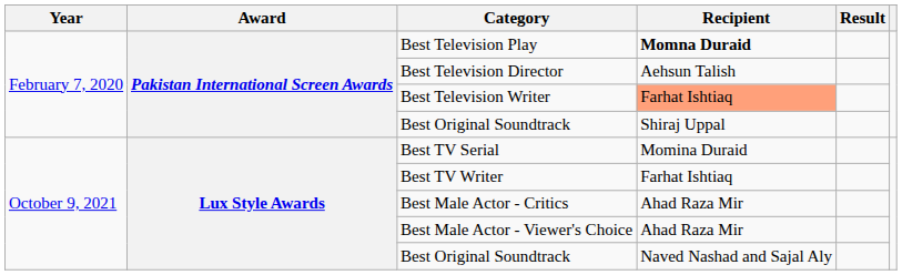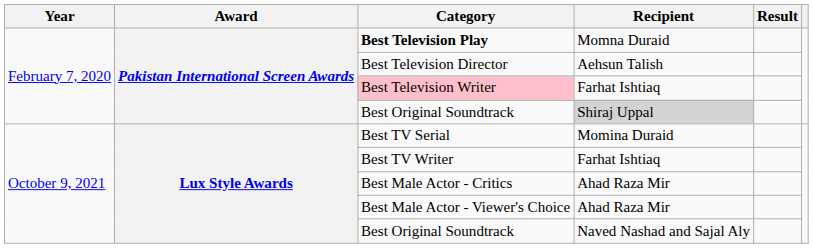 <table class="wikitable sortable plainrowheaders">
 <tr>
 <th>Year</th>
 <th>Award</th>
 <th>Category</th>
 <th>Recipient</th>
 <th>Result</th>
 <th></th>
 </tr>
 <tr>
 <td rowspan="4"><a href='#'>February 7, 2020</a></td>
 <th scope="row" rowspan="4" style="text-align:center;"><em><a href='#'>Pakistan International Screen Awards</a></em></th>
-<td>Best Television Play</td>
-<td><strong>Momna Duraid</strong></td>
+<td><strong>Best Television Play</strong></td>
+<td>Momna Duraid</td>
 <td></td>
 <td rowspan="4"></td>
 </tr>
 <tr>
 <td>Best Television Director</td>
 <td>Aehsun Talish</td>
 <td></td>
 </tr>
 <tr>
-<td>Best Television Writer</td>
-<td style="background: lightsalmon;">Farhat Ishtiaq</td>
+<td style="background: pink;">Best Television Writer</td>
+<td>Farhat Ishtiaq</td>
 <td></td>
 </tr>
 <tr>
 <td>Best Original Soundtrack</td>
-<td>Shiraj Uppal</td>
+<td style="background: lightgrey;">Shiraj Uppal</td>
 <td></td>
 </tr>
 <tr>
 <td rowspan=5><a href='#'>October 9, 2021</a></td>
 <th scope="row" rowspan=5><a href='#'>Lux Style Awards</a></th>
 <td>Best TV Serial</td>
 <td>Momina Duraid</td>
 <td></td>
 <td rowspan=5></td>
 </tr>
 <tr>
 <td>Best TV Writer</td>
 <td>Farhat Ishtiaq</td>
 <td></td>
 </tr>
 <tr>
 <td>Best Male Actor - Critics</td>
 <td>Ahad Raza Mir</td>
 <td></td>
 </tr>
 <tr>
 <td>Best Male Actor - Viewer's Choice</td>
 <td>Ahad Raza Mir</td>
 <td></td>
 </tr>
 <tr>
 <td>Best Original Soundtrack</td>
 <td>Naved Nashad and Sajal Aly</td>
 <td></td>
 </tr>
 </table>
